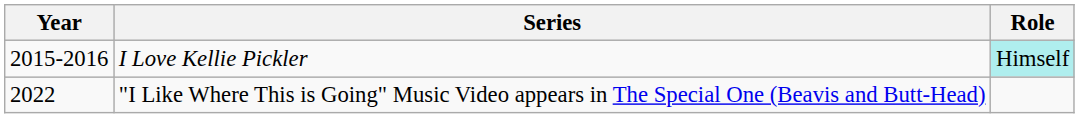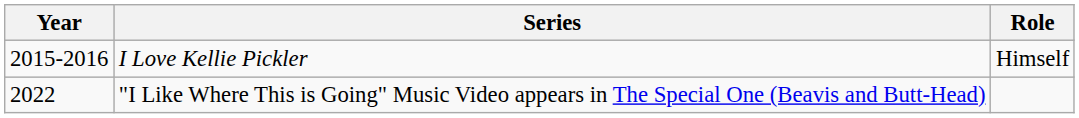 <table class="wikitable">
 <tr>
 <th>Year</th>
 <th>Series</th>
 <th>Role</th>
 </tr>
 <tr>
 <td>2015-2016</td>
 <td><em>I Love Kellie Pickler</em></td>
-<td style="background: paleturquoise;">Himself</td>
+<td>Himself</td>
 </tr>
 <tr>
 <td>2022</td>
 <td>"I Like Where This is Going" Music Video appears in <a href='#'>The Special One (Beavis and Butt-Head)</a></td>
 </tr>
 </table>
